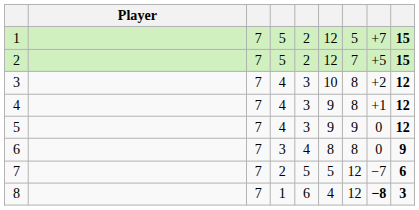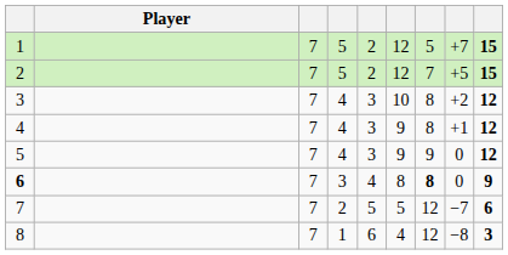 <table class="wikitable" style="text-align:center; margin: 1em auto 1em auto, align:left">
 <tr>
 <th width=20></th>
 <th width=240>Player</th>
 <th width=20></th>
 <th width=20></th>
 <th width=20></th>
 <th width=20></th>
 <th width=20></th>
 <th width=20></th>
 <th width=20></th>
 </tr>
 <tr style="background:#D0F0C0;">
 <td>1</td>
 <td align=left></td>
 <td>7</td>
 <td>5</td>
 <td>2</td>
 <td>12</td>
 <td>5</td>
 <td>+7</td>
 <td><strong>15</strong></td>
 </tr>
 <tr style="background:#D0F0C0;">
 <td>2</td>
 <td align=left></td>
 <td>7</td>
 <td>5</td>
 <td>2</td>
 <td>12</td>
 <td>7</td>
 <td>+5</td>
 <td><strong>15</strong></td>
 </tr>
 <tr style=>
 <td>3</td>
 <td align=left></td>
 <td>7</td>
 <td>4</td>
 <td>3</td>
 <td>10</td>
 <td>8</td>
 <td>+2</td>
 <td><strong>12</strong></td>
 </tr>
 <tr style=>
 <td>4</td>
 <td align=left></td>
 <td>7</td>
 <td>4</td>
 <td>3</td>
 <td>9</td>
 <td>8</td>
 <td>+1</td>
 <td><strong>12</strong></td>
 </tr>
 <tr style=>
 <td>5</td>
 <td align=left></td>
 <td>7</td>
 <td>4</td>
 <td>3</td>
 <td>9</td>
 <td>9</td>
 <td>0</td>
 <td><strong>12</strong></td>
 </tr>
 <tr style=>
-<td>6</td>
+<td><strong>6</strong></td>
 <td align=left></td>
 <td>7</td>
 <td>3</td>
 <td>4</td>
 <td>8</td>
-<td>8</td>
+<td><strong>8</strong></td>
 <td>0</td>
 <td><strong>9</strong></td>
 </tr>
 <tr style=>
 <td>7</td>
 <td align=left></td>
 <td>7</td>
 <td>2</td>
 <td>5</td>
 <td>5</td>
 <td>12</td>
 <td>−7</td>
 <td><strong>6</strong></td>
 </tr>
 <tr style=>
 <td>8</td>
 <td align=left></td>
 <td>7</td>
 <td>1</td>
 <td>6</td>
 <td>4</td>
 <td>12</td>
-<td><strong>−8</strong></td>
+<td>−8</td>
 <td><strong>3</strong></td>
 </tr>
 </table>
